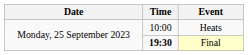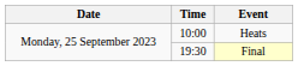 <table class = "wikitable" style="text-align:center;">
 <tr>
 <th width=220>Date</th>
 <th width=50>Time</th>
 <th width=100>Event</th>
 </tr>
 <tr>
 <td rowspan=2>Monday, 25 September 2023</td>
 <td>10:00</td>
 <td>Heats</td>
 </tr>
 <tr>
-<td><strong>19:30</strong></td>
+<td>19:30</td>
 <td bgcolor=ffffcc>Final</td>
 </tr>
 </table>
